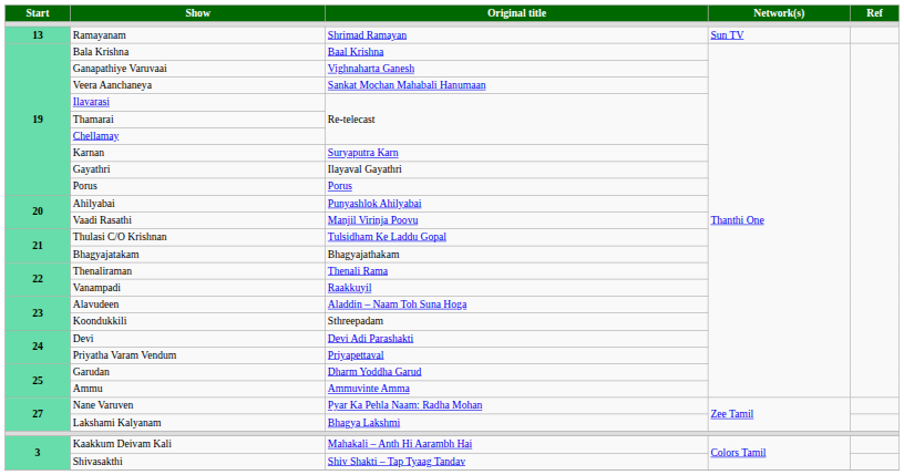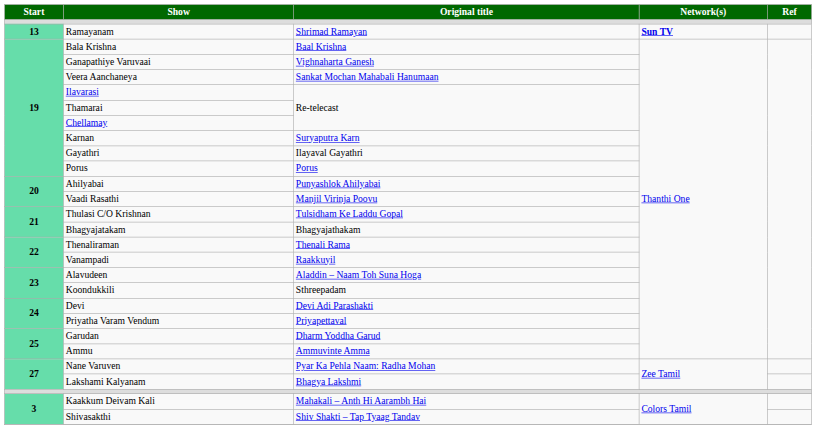 <table class="wikitable" width="85%">
 <tr>
 <th scope="col" style ="background: #006800 ;color:white">Start</th>
 <th scope="col" style ="background: #006800 ;color:white">Show</th>
 <th scope="col" style ="background: #006800 ;color:white">Original title</th>
 <th scope="col" style ="background: #006800 ;color:white">Network(s)</th>
 <th scope="col" style ="background: #006800 ;color:white">Ref</th>
 </tr>
 <tr>
 <td colspan="20" style="background:#DDD;"><strong></strong></td>
 </tr>
 <tr>
 <td rowspan="1" style="text-align:center; background:#6da;"><strong>13</strong></td>
 <td>Ramayanam</td>
 <td><a href='#'>Shrimad Ramayan</a></td>
-<td><a href='#'>Sun TV</a></td>
+<td><strong><a href='#'>Sun TV</a></strong></td>
 <td></td>
 </tr>
 <tr>
 <td rowspan="9" style="text-align:center; background:#6da;"><strong>19</strong></td>
 <td>Bala Krishna</td>
 <td><a href='#'>Baal Krishna</a></td>
 <td rowspan="21"><a href='#'>Thanthi One</a></td>
 <td rowspan="21"></td>
 </tr>
 <tr>
 <td>Ganapathiye Varuvaai</td>
 <td><a href='#'>Vighnaharta Ganesh</a></td>
 </tr>
 <tr>
 <td>Veera Aanchaneya</td>
 <td><a href='#'>Sankat Mochan Mahabali Hanumaan</a></td>
 </tr>
 <tr>
 <td><a href='#'>Ilavarasi</a></td>
 <td rowspan="3">Re-telecast</td>
 </tr>
 <tr>
 <td>Thamarai</td>
 </tr>
 <tr>
 <td><a href='#'>Chellamay</a></td>
 </tr>
 <tr>
 <td>Karnan</td>
 <td><a href='#'>Suryaputra Karn</a></td>
 </tr>
 <tr>
 <td>Gayathri</td>
 <td>Ilayaval Gayathri</td>
 </tr>
 <tr>
 <td>Porus</td>
 <td><a href='#'>Porus</a></td>
 </tr>
 <tr>
 <td rowspan="2" style="text-align:center; background:#6da;"><strong>20</strong></td>
 <td>Ahilyabai</td>
 <td><a href='#'>Punyashlok Ahilyabai</a></td>
 </tr>
 <tr>
 <td>Vaadi Rasathi</td>
 <td><a href='#'>Manjil Virinja Poovu</a></td>
 </tr>
 <tr>
 <td rowspan="2" style="text-align:center; background:#6da;"><strong>21</strong></td>
 <td>Thulasi C/O Krishnan</td>
 <td><a href='#'>Tulsidham Ke Laddu Gopal</a></td>
 </tr>
 <tr>
 <td>Bhagyajatakam</td>
 <td>Bhagyajathakam</td>
 </tr>
 <tr>
 <td rowspan="2" style="text-align:center; background:#6da;"><strong>22</strong></td>
 <td>Thenaliraman</td>
 <td><a href='#'>Thenali Rama</a></td>
 </tr>
 <tr>
 <td>Vanampadi</td>
 <td><a href='#'>Raakkuyil</a></td>
 </tr>
 <tr>
 <td rowspan="2" style="text-align:center; background:#6da;"><strong>23</strong></td>
 <td>Alavudeen</td>
 <td><a href='#'>Aladdin – Naam Toh Suna Hoga</a></td>
 </tr>
 <tr>
 <td>Koondukkili</td>
 <td>Sthreepadam</td>
 </tr>
 <tr>
 <td rowspan="2" style="text-align:center; background:#6da;"><strong>24</strong></td>
 <td>Devi</td>
 <td><a href='#'>Devi Adi Parashakti</a></td>
 </tr>
 <tr>
 <td>Priyatha Varam Vendum</td>
 <td><a href='#'>Priyapettaval</a></td>
 </tr>
 <tr>
 <td rowspan="2" style="text-align:center; background:#6da;"><strong>25</strong></td>
 <td>Garudan</td>
 <td><a href='#'>Dharm Yoddha Garud</a></td>
 </tr>
 <tr>
 <td>Ammu</td>
 <td><a href='#'>Ammuvinte Amma</a></td>
 </tr>
 <tr>
 <td rowspan="2" style="text-align:center; background:#6da;"><strong>27</strong></td>
 <td>Nane Varuven</td>
 <td><a href='#'>Pyar Ka Pehla Naam: Radha Mohan</a></td>
 <td rowspan="2"><a href='#'>Zee Tamil</a></td>
 <td></td>
 </tr>
 <tr>
 <td>Lakshami Kalyanam</td>
 <td><a href='#'>Bhagya Lakshmi</a></td>
 <td></td>
 </tr>
 <tr>
 <td colspan="20" style="background:#DDD;"><strong></strong></td>
 </tr>
 <tr>
 <td rowspan="2" style="text-align:center; background:#6da;"><strong>3</strong></td>
 <td>Kaakkum Deivam Kali</td>
 <td><a href='#'>Mahakali – Anth Hi Aarambh Hai</a></td>
 <td rowspan="2"><a href='#'>Colors Tamil</a></td>
 <td></td>
 </tr>
 <tr>
 <td>Shivasakthi</td>
 <td><a href='#'>Shiv Shakti – Tap Tyaag Tandav</a></td>
 <td></td>
 </tr>
 <tr>
 </tr>
 </table>
